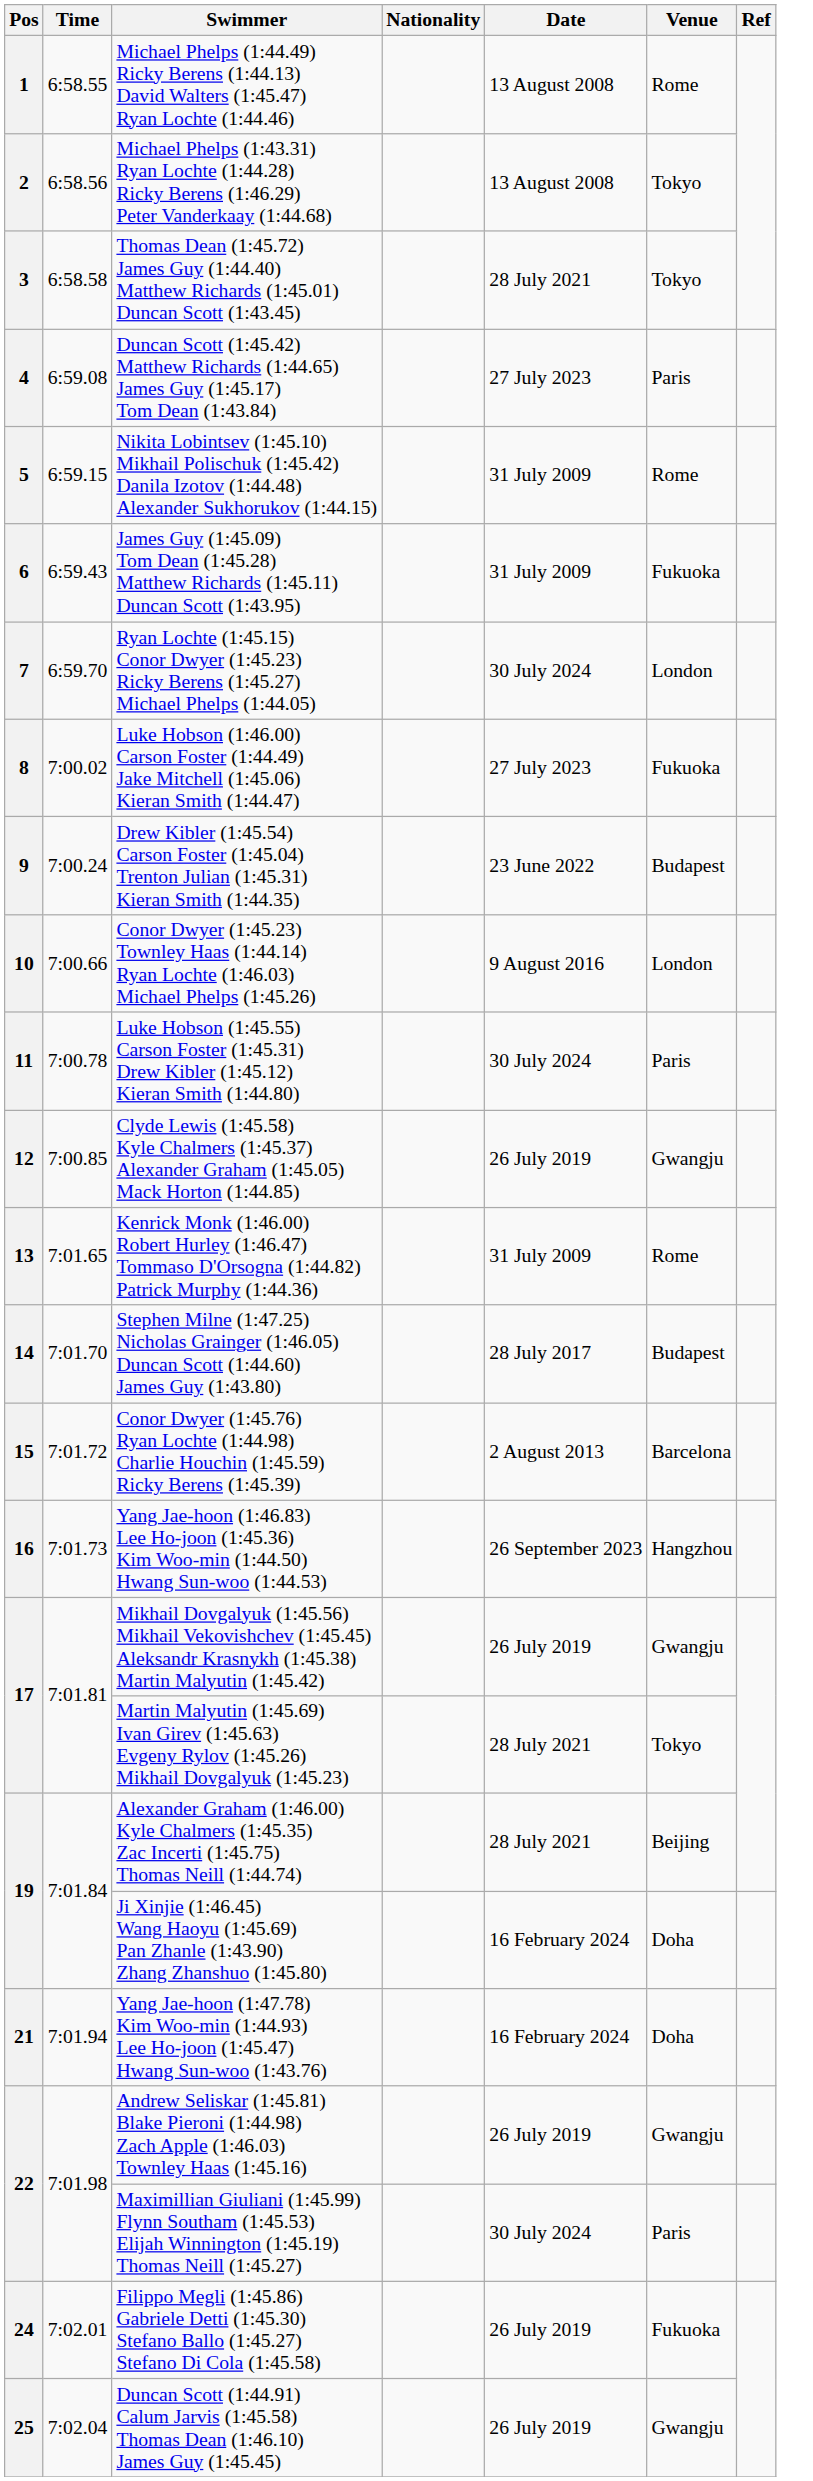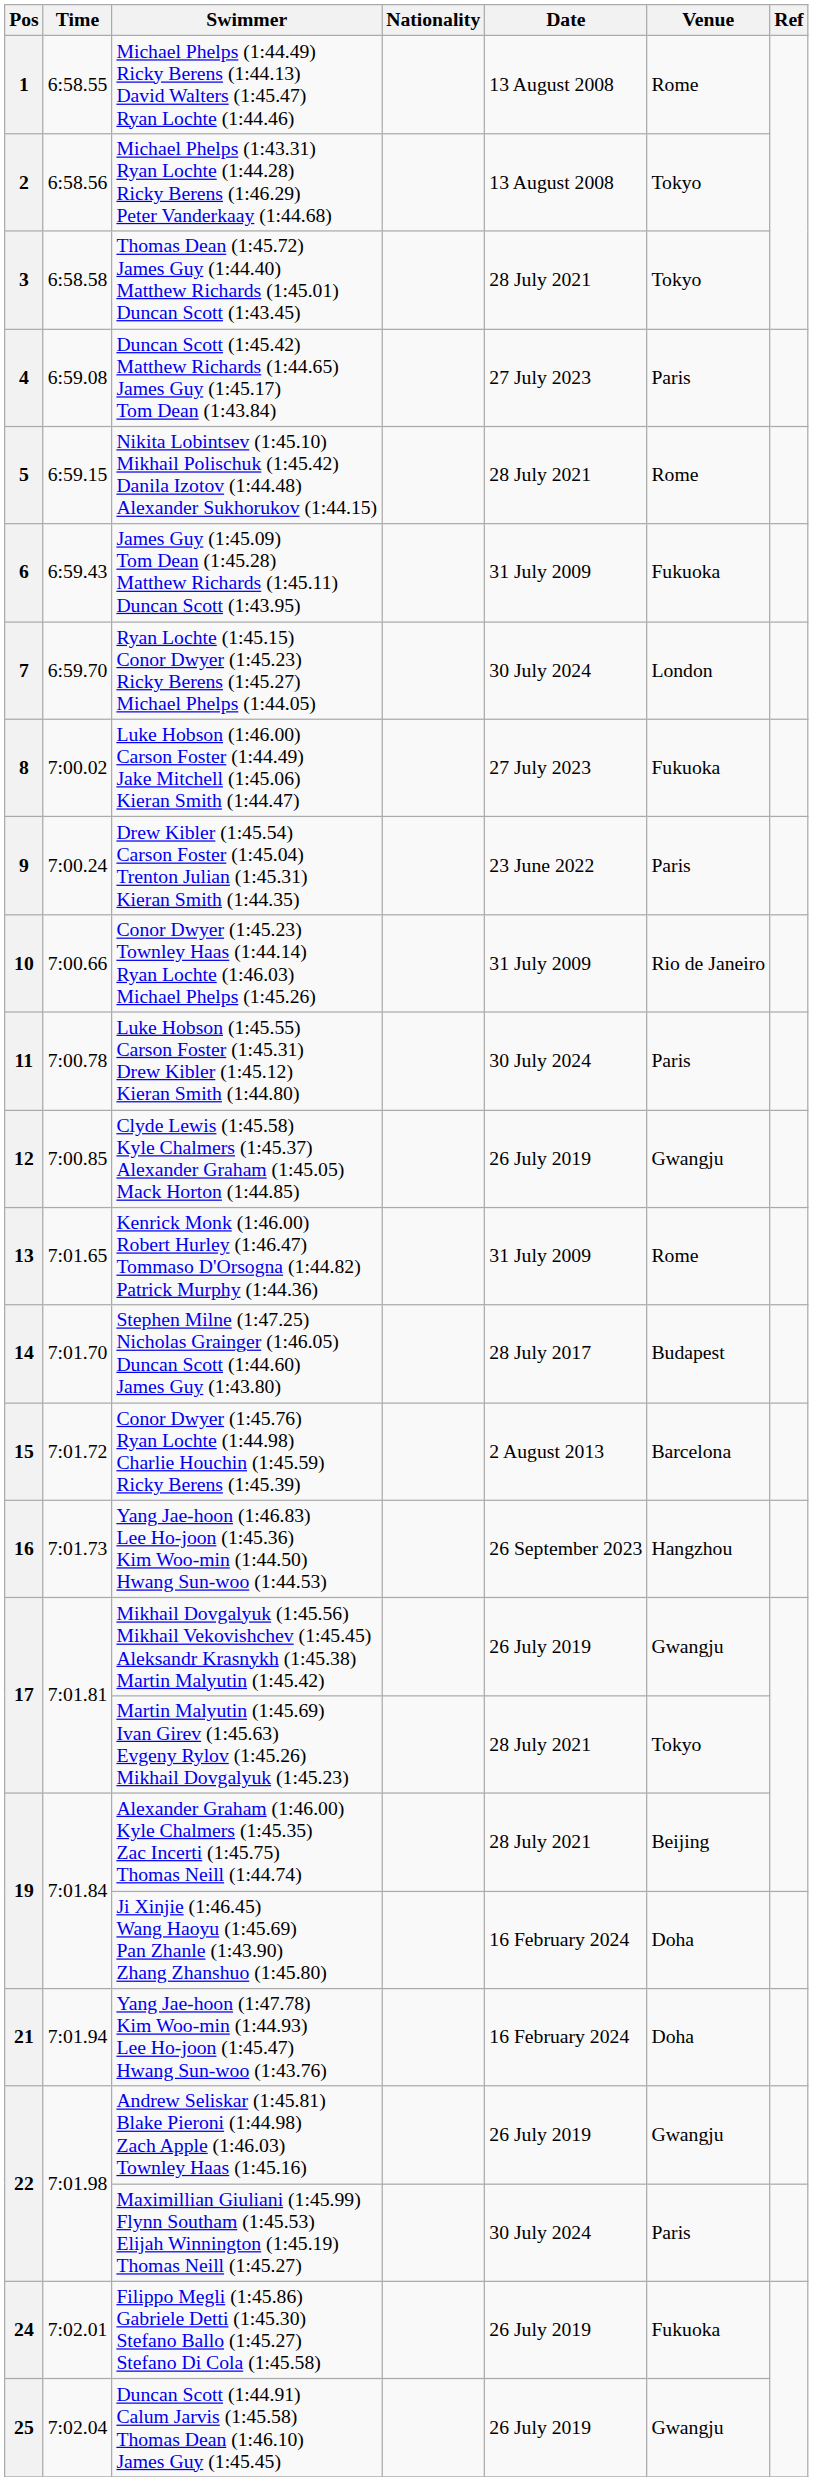 <table class="wikitable">
 <tr>
 <th>Pos</th>
 <th>Time</th>
 <th>Swimmer</th>
 <th>Nationality</th>
 <th>Date</th>
 <th>Venue</th>
 <th>Ref</th>
 </tr>
 <tr>
 <th>1</th>
 <td>6:58.55</td>
 <td><a href='#'>Michael Phelps</a> (1:44.49)<br><a href='#'>Ricky Berens</a> (1:44.13)<br><a href='#'>David Walters</a> (1:45.47)<br><a href='#'>Ryan Lochte</a> (1:44.46)</td>
 <td></td>
 <td>13 August 2008</td>
 <td>Rome</td>
 </tr>
 <tr>
 <th>2</th>
 <td>6:58.56</td>
 <td><a href='#'>Michael Phelps</a> (1:43.31)<br><a href='#'>Ryan Lochte</a> (1:44.28)<br><a href='#'>Ricky Berens</a> (1:46.29)<br><a href='#'>Peter Vanderkaay</a> (1:44.68)</td>
 <td></td>
 <td>13 August 2008</td>
 <td>Tokyo</td>
 </tr>
 <tr>
 <th>3</th>
 <td>6:58.58</td>
 <td><a href='#'>Thomas Dean</a> (1:45.72)<br><a href='#'>James Guy</a> (1:44.40)<br><a href='#'>Matthew Richards</a> (1:45.01)<br><a href='#'>Duncan Scott</a> (1:43.45)</td>
 <td></td>
 <td>28 July 2021</td>
 <td>Tokyo</td>
 </tr>
 <tr>
 <th>4</th>
 <td>6:59.08</td>
 <td><a href='#'>Duncan Scott</a> (1:45.42)<br><a href='#'>Matthew Richards</a> (1:44.65)<br><a href='#'>James Guy</a> (1:45.17)<br><a href='#'>Tom Dean</a> (1:43.84)</td>
 <td></td>
 <td>27 July 2023</td>
 <td>Paris</td>
 <td></td>
 </tr>
 <tr>
 <th>5</th>
 <td>6:59.15</td>
 <td><a href='#'>Nikita Lobintsev</a> (1:45.10)<br><a href='#'>Mikhail Polischuk</a> (1:45.42)<br><a href='#'>Danila Izotov</a> (1:44.48)<br><a href='#'>Alexander Sukhorukov</a> (1:44.15)</td>
 <td></td>
-<td>31 July 2009</td>
+<td>28 July 2021</td>
 <td>Rome</td>
 </tr>
 <tr>
 <th>6</th>
 <td>6:59.43</td>
 <td><a href='#'>James Guy</a> (1:45.09)<br><a href='#'>Tom Dean</a> (1:45.28)<br><a href='#'>Matthew Richards</a> (1:45.11)<br><a href='#'>Duncan Scott</a> (1:43.95)</td>
 <td></td>
 <td>31 July 2009</td>
 <td>Fukuoka</td>
 <td></td>
 </tr>
 <tr>
 <th>7</th>
 <td>6:59.70</td>
 <td><a href='#'>Ryan Lochte</a> (1:45.15)<br><a href='#'>Conor Dwyer</a> (1:45.23)<br><a href='#'>Ricky Berens</a> (1:45.27)<br><a href='#'>Michael Phelps</a> (1:44.05)</td>
 <td></td>
 <td>30 July 2024</td>
 <td>London</td>
 </tr>
 <tr>
 <th>8</th>
 <td>7:00.02</td>
 <td><a href='#'>Luke Hobson</a> (1:46.00)<br><a href='#'>Carson Foster</a> (1:44.49)<br><a href='#'>Jake Mitchell</a> (1:45.06)<br><a href='#'>Kieran Smith</a> (1:44.47)</td>
 <td></td>
 <td>27 July 2023</td>
 <td>Fukuoka</td>
 <td></td>
 </tr>
 <tr>
 <th>9</th>
 <td>7:00.24</td>
 <td><a href='#'>Drew Kibler</a> (1:45.54)<br><a href='#'>Carson Foster</a> (1:45.04)<br><a href='#'>Trenton Julian</a> (1:45.31)<br><a href='#'>Kieran Smith</a> (1:44.35)</td>
 <td></td>
 <td>23 June 2022</td>
-<td>Budapest</td>
+<td>Paris</td>
 <td></td>
 </tr>
 <tr>
 <th>10</th>
 <td>7:00.66</td>
 <td><a href='#'>Conor Dwyer</a> (1:45.23)<br><a href='#'>Townley Haas</a> (1:44.14)<br><a href='#'>Ryan Lochte</a> (1:46.03)<br><a href='#'>Michael Phelps</a> (1:45.26)</td>
 <td></td>
-<td>9 August 2016</td>
-<td>London</td>
+<td>31 July 2009</td>
+<td>Rio de Janeiro</td>
 </tr>
 <tr>
 <th>11</th>
 <td>7:00.78</td>
 <td><a href='#'>Luke Hobson</a> (1:45.55)<br><a href='#'>Carson Foster</a> (1:45.31)<br><a href='#'>Drew Kibler</a> (1:45.12)<br><a href='#'>Kieran Smith</a> (1:44.80)</td>
 <td></td>
 <td>30 July 2024</td>
 <td>Paris</td>
 <td></td>
 </tr>
 <tr>
 <th>12</th>
 <td>7:00.85</td>
 <td><a href='#'>Clyde Lewis</a> (1:45.58)<br><a href='#'>Kyle Chalmers</a> (1:45.37)<br><a href='#'>Alexander Graham</a> (1:45.05)<br><a href='#'>Mack Horton</a> (1:44.85)</td>
 <td></td>
 <td>26 July 2019</td>
 <td>Gwangju</td>
 <td></td>
 </tr>
 <tr>
 <th>13</th>
 <td>7:01.65</td>
 <td><a href='#'>Kenrick Monk</a> (1:46.00)<br><a href='#'>Robert Hurley</a> (1:46.47)<br><a href='#'>Tommaso D'Orsogna</a> (1:44.82)<br><a href='#'>Patrick Murphy</a> (1:44.36)</td>
 <td></td>
 <td>31 July 2009</td>
 <td>Rome</td>
 <td></td>
 </tr>
 <tr>
 <th>14</th>
 <td>7:01.70</td>
 <td><a href='#'>Stephen Milne</a> (1:47.25)<br><a href='#'>Nicholas Grainger</a> (1:46.05)<br><a href='#'>Duncan Scott</a> (1:44.60)<br><a href='#'>James Guy</a> (1:43.80)</td>
 <td></td>
 <td>28 July 2017</td>
 <td>Budapest</td>
 <td></td>
 </tr>
 <tr>
 <th>15</th>
 <td>7:01.72</td>
 <td><a href='#'>Conor Dwyer</a> (1:45.76)<br><a href='#'>Ryan Lochte</a> (1:44.98)<br><a href='#'>Charlie Houchin</a> (1:45.59)<br><a href='#'>Ricky Berens</a> (1:45.39)</td>
 <td></td>
 <td>2 August 2013</td>
 <td>Barcelona</td>
 </tr>
 <tr>
 <th>16</th>
 <td>7:01.73</td>
 <td><a href='#'>Yang Jae-hoon</a> (1:46.83)<br><a href='#'>Lee Ho-joon</a> (1:45.36)<br><a href='#'>Kim Woo-min</a> (1:44.50)<br><a href='#'>Hwang Sun-woo</a> (1:44.53)</td>
 <td></td>
 <td>26 September 2023</td>
 <td>Hangzhou</td>
 <td></td>
 </tr>
 <tr>
 <th rowspan=2>17</th>
 <td rowspan=2>7:01.81</td>
 <td><a href='#'>Mikhail Dovgalyuk</a> (1:45.56)<br><a href='#'>Mikhail Vekovishchev</a> (1:45.45)<br><a href='#'>Aleksandr Krasnykh</a> (1:45.38)<br><a href='#'>Martin Malyutin</a> (1:45.42)</td>
 <td></td>
 <td>26 July 2019</td>
 <td>Gwangju</td>
 </tr>
 <tr>
 <td><a href='#'>Martin Malyutin</a> (1:45.69)<br><a href='#'>Ivan Girev</a> (1:45.63)<br><a href='#'>Evgeny Rylov</a> (1:45.26)<br><a href='#'>Mikhail Dovgalyuk</a> (1:45.23)</td>
 <td></td>
 <td>28 July 2021</td>
 <td>Tokyo</td>
 </tr>
 <tr>
 <th rowspan=2>19</th>
 <td rowspan=2>7:01.84</td>
 <td><a href='#'>Alexander Graham</a> (1:46.00)<br><a href='#'>Kyle Chalmers</a> (1:45.35)<br><a href='#'>Zac Incerti</a> (1:45.75)<br><a href='#'>Thomas Neill</a> (1:44.74)</td>
 <td></td>
 <td>28 July 2021</td>
 <td>Beijing</td>
 </tr>
 <tr>
 <td><a href='#'>Ji Xinjie</a> (1:46.45)<br><a href='#'>Wang Haoyu</a> (1:45.69)<br><a href='#'>Pan Zhanle</a> (1:43.90)<br><a href='#'>Zhang Zhanshuo</a> (1:45.80)</td>
 <td></td>
 <td>16 February 2024</td>
 <td>Doha</td>
 <td></td>
 </tr>
 <tr>
 <th>21</th>
 <td>7:01.94</td>
 <td><a href='#'>Yang Jae-hoon</a> (1:47.78)<br><a href='#'>Kim Woo-min</a> (1:44.93)<br><a href='#'>Lee Ho-joon</a> (1:45.47)<br><a href='#'>Hwang Sun-woo</a> (1:43.76)</td>
 <td></td>
 <td>16 February 2024</td>
 <td>Doha</td>
 <td></td>
 </tr>
 <tr>
 <th rowspan=2>22</th>
 <td rowspan=2>7:01.98</td>
 <td><a href='#'>Andrew Seliskar</a> (1:45.81)<br><a href='#'>Blake Pieroni</a> (1:44.98)<br><a href='#'>Zach Apple</a> (1:46.03)<br><a href='#'>Townley Haas</a> (1:45.16)</td>
 <td></td>
 <td>26 July 2019</td>
 <td>Gwangju</td>
 <td></td>
 </tr>
 <tr>
 <td><a href='#'>Maximillian Giuliani</a> (1:45.99)<br><a href='#'>Flynn Southam</a> (1:45.53)<br><a href='#'>Elijah Winnington</a> (1:45.19)<br><a href='#'>Thomas Neill</a> (1:45.27)</td>
 <td></td>
 <td>30 July 2024</td>
 <td>Paris</td>
 <td></td>
 </tr>
 <tr>
 <th>24</th>
 <td>7:02.01</td>
 <td><a href='#'>Filippo Megli</a> (1:45.86)<br><a href='#'>Gabriele Detti</a> (1:45.30)<br><a href='#'>Stefano Ballo</a> (1:45.27)<br><a href='#'>Stefano Di Cola</a> (1:45.58)</td>
 <td></td>
 <td>26 July 2019</td>
 <td>Fukuoka</td>
 </tr>
 <tr>
 <th>25</th>
 <td>7:02.04</td>
 <td><a href='#'>Duncan Scott</a> (1:44.91)<br><a href='#'>Calum Jarvis</a> (1:45.58)<br><a href='#'>Thomas Dean</a> (1:46.10)<br><a href='#'>James Guy</a> (1:45.45)</td>
 <td></td>
 <td>26 July 2019</td>
 <td>Gwangju</td>
 </tr>
 </table>
